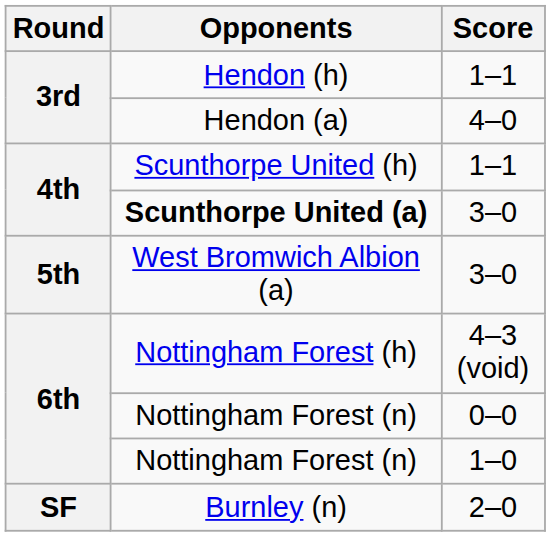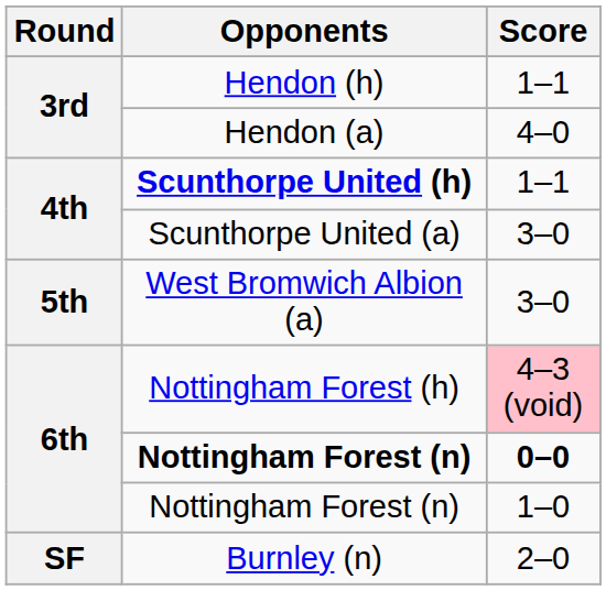 <table class="wikitable plainrowheaders" style="text-align:center;margin-left:1em;float:right">
 <tr>
 <th scope="col" style="width:25px">Round</th>
 <th scope="col" style="width:175px">Opponents</th>
 <th scope="col" style="width:50px">Score</th>
 </tr>
 <tr>
 <th scope=row rowspan=2 style="text-align:center">3rd</th>
 <td><a href='#'>Hendon</a> (h)</td>
 <td>1–1</td>
 </tr>
 <tr>
 <td>Hendon (a)</td>
 <td>4–0</td>
 </tr>
 <tr>
 <th scope=row rowspan=2 style="text-align:center">4th</th>
-<td><a href='#'>Scunthorpe United</a> (h)</td>
+<td><strong><a href='#'>Scunthorpe United</a> (h)</strong></td>
 <td>1–1</td>
 </tr>
 <tr>
-<td><strong>Scunthorpe United (a)</strong></td>
+<td>Scunthorpe United (a)</td>
 <td>3–0</td>
 </tr>
 <tr>
 <th scope=row style="text-align:center">5th</th>
 <td><a href='#'>West Bromwich Albion</a> (a)</td>
 <td>3–0</td>
 </tr>
 <tr>
 <th scope=row rowspan=3 style="text-align:center">6th</th>
 <td><a href='#'>Nottingham Forest</a> (h)</td>
-<td>4–3<br>(void)</td>
+<td style="background: pink;">4–3<br>(void)</td>
 </tr>
 <tr>
-<td>Nottingham Forest (n)</td>
-<td>0–0</td>
+<td><strong>Nottingham Forest (n)</strong></td>
+<td><strong>0–0</strong></td>
 </tr>
 <tr>
 <td>Nottingham Forest (n)</td>
 <td>1–0</td>
 </tr>
 <tr>
 <th scope=row style="text-align:center">SF</th>
 <td><a href='#'>Burnley</a> (n)</td>
 <td>2–0</td>
 </tr>
 </table>
